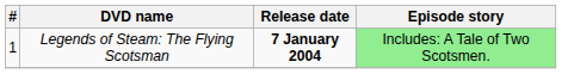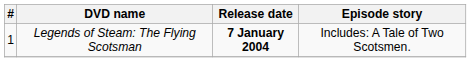 <table class="wikitable" style="text-align:center">
 <tr>
 <th>#</th>
 <th>DVD name</th>
 <th>Release date</th>
 <th>Episode story</th>
 </tr>
 <tr>
 <td>1</td>
 <td><em>Legends of Steam: The Flying Scotsman</em></td>
 <td><strong>7 January 2004</strong></td>
-<td style="background: lightgreen;">Includes: A Tale of Two Scotsmen.</td>
+<td>Includes: A Tale of Two Scotsmen.</td>
 </tr>
 <tr>
 </tr>
 </table>
